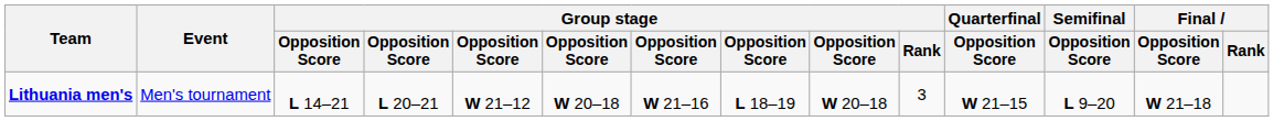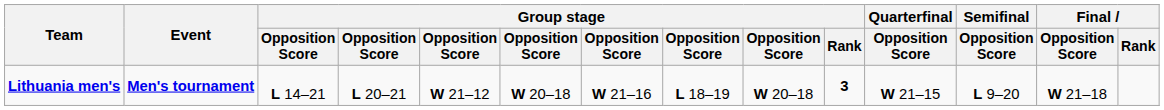 <table class=wikitable style=font-size:90%;text-align:center>
 <tr>
 <th rowspan=2>Team</th>
 <th rowspan=2>Event</th>
 <th colspan=8>Group stage</th>
 <th>Quarterfinal</th>
 <th>Semifinal</th>
 <th colspan=2>Final / </th>
 </tr>
 <tr style=font-size:95%>
 <th>Opposition<br>Score</th>
 <th>Opposition<br>Score</th>
 <th>Opposition<br>Score</th>
 <th>Opposition<br>Score</th>
 <th>Opposition<br>Score</th>
 <th>Opposition<br>Score</th>
 <th>Opposition<br>Score</th>
 <th>Rank</th>
 <th>Opposition<br>Score</th>
 <th>Opposition<br>Score</th>
 <th>Opposition<br>Score</th>
 <th>Rank</th>
 </tr>
 <tr>
 <td align=left><strong><a href='#'>Lithuania men's</a></strong></td>
-<td align=left><a href='#'>Men's tournament</a></td>
+<td align=left><strong><a href='#'>Men's tournament</a></strong></td>
 <td><br> <strong>L</strong> 14–21</td>
 <td><br> <strong>L</strong> 20–21</td>
 <td><br> <strong>W</strong> 21–12</td>
 <td><br> <strong>W</strong> 20–18</td>
 <td><br> <strong>W</strong> 21–16</td>
 <td><br> <strong>L</strong> 18–19</td>
 <td><br><strong>W</strong> 20–18</td>
-<td>3</td>
+<td><strong>3</strong></td>
 <td><br> <strong>W</strong> 21–15</td>
 <td><br> <strong>L</strong> 9–20</td>
 <td><br> <strong>W</strong> 21–18</td>
 <td></td>
 </tr>
 </table>
